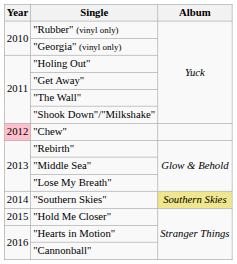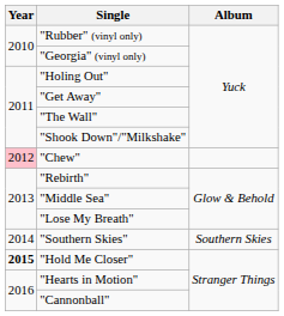 <table class="wikitable" style="text-align:center;">
 <tr>
 <th scope="col">Year</th>
 <th scope="col">Single</th>
 <th scope="col">Album</th>
 </tr>
 <tr>
 <td rowspan="2">2010</td>
 <td align=left>"Rubber" <small>(vinyl only)</small></td>
 <td rowspan="6"><em>Yuck</em></td>
 </tr>
 <tr>
 <td align=left>"Georgia" <small>(vinyl only)</small></td>
 </tr>
 <tr>
 <td rowspan="4">2011</td>
 <td align=left>"Holing Out"</td>
 </tr>
 <tr>
 <td align=left>"Get Away"</td>
 </tr>
 <tr>
 <td align=left>"The Wall"</td>
 </tr>
 <tr>
 <td align=left>"Shook Down"/"Milkshake"</td>
 </tr>
 <tr>
 <td style="background: pink;">2012</td>
 <td align=left>"Chew"</td>
 <td></td>
 </tr>
 <tr>
 <td rowspan="3">2013</td>
 <td align=left>"Rebirth"</td>
 <td rowspan="3"><em>Glow & Behold</em></td>
 </tr>
 <tr>
 <td align=left>"Middle Sea"</td>
 </tr>
 <tr>
 <td align=left>"Lose My Breath"</td>
 </tr>
 <tr>
 <td>2014</td>
 <td align=left>"Southern Skies"</td>
-<td style="background: khaki;"><em>Southern Skies</em></td>
+<td><em>Southern Skies</em></td>
 </tr>
 <tr>
-<td>2015</td>
+<td><strong>2015</strong></td>
 <td align=left>"Hold Me Closer"</td>
 <td rowspan="3"><em>Stranger Things</em></td>
 </tr>
 <tr>
 <td rowspan="2">2016</td>
 <td align=left>"Hearts in Motion"</td>
 </tr>
 <tr>
 <td align=left>"Cannonball"</td>
 </tr>
 </table>
